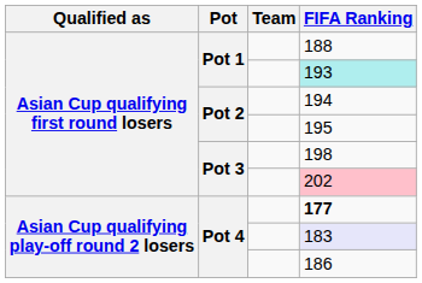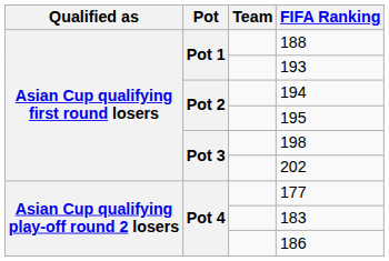 <table class="wikitable">
 <tr>
 <th>Qualified as</th>
 <th>Pot</th>
 <th>Team</th>
 <th><a href='#'>FIFA Ranking</a></th>
 </tr>
 <tr>
 <th rowspan=6><a href='#'>Asian Cup qualifying<br>first round</a> losers</th>
 <th rowspan=2>Pot 1</th>
 <td></td>
 <td>188</td>
 </tr>
 <tr>
 <td></td>
-<td style="background: paleturquoise;">193</td>
+<td>193</td>
 </tr>
 <tr>
 <th rowspan=2>Pot 2</th>
 <td></td>
 <td>194</td>
 </tr>
 <tr>
 <td></td>
 <td>195</td>
 </tr>
 <tr>
 <th rowspan=2>Pot 3</th>
 <td></td>
 <td>198</td>
 </tr>
 <tr>
 <td></td>
-<td style="background: pink;">202</td>
+<td>202</td>
 </tr>
 <tr>
 <th rowspan=3><a href='#'>Asian Cup qualifying<br>play-off round 2</a> losers</th>
 <th rowspan=3>Pot 4</th>
 <td></td>
-<td><strong>177</strong></td>
+<td>177</td>
 </tr>
 <tr>
 <td></td>
-<td style="background: lavender;">183</td>
+<td>183</td>
 </tr>
 <tr>
 <td></td>
 <td>186</td>
 </tr>
 </table>
